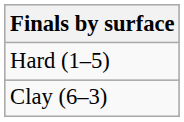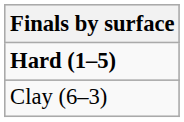 <table class=wikitable style=font-size:90%>
 <tr>
 <th>Finals by surface</th>
 </tr>
 <tr>
-<td>Hard (1–5)</td>
+<td><strong>Hard (1–5)</strong></td>
 </tr>
 <tr>
 <td>Clay (6–3)</td>
 </tr>
 </table>
